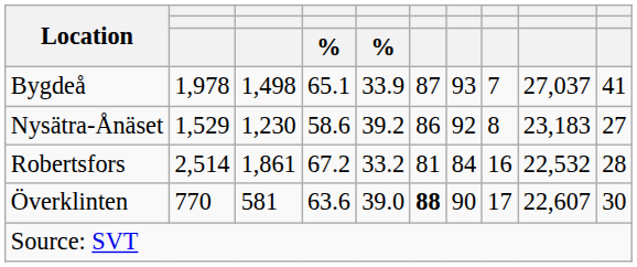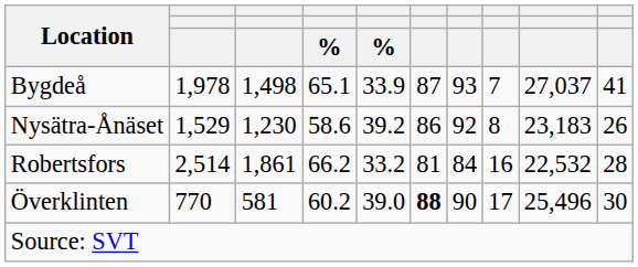 <table role="presentation" class="wikitable sortable mw-collapsible">
 <tr>
 <th rowspan="3">Location</th>
 <th></th>
 <th></th>
 <th></th>
 <th></th>
 <th></th>
 <th></th>
 <th></th>
 <th></th>
 <th></th>
 </tr>
 <tr>
 <th></th>
 <th></th>
 <th style="background:"></th>
 <th style="background:"></th>
 <th></th>
 <th></th>
 <th></th>
 <th></th>
 <th></th>
 </tr>
 <tr>
 <th data-sort-type="number"></th>
 <th data-sort-type="number"></th>
 <th data-sort-type="number">%</th>
 <th data-sort-type="number">%</th>
 <th data-sort-type="number"></th>
 <th data-sort-type="number"></th>
 <th data-sort-type="number"></th>
 <th data-sort-type="number"></th>
 <th data-sort-type="number"></th>
 </tr>
 <tr>
 <td align="left">Bygdeå</td>
 <td>1,978</td>
 <td>1,498</td>
 <td>65.1</td>
 <td>33.9</td>
 <td>87</td>
 <td>93</td>
 <td>7</td>
 <td>27,037</td>
 <td>41</td>
 </tr>
 <tr>
 <td align="left">Nysätra-Ånäset</td>
 <td>1,529</td>
 <td>1,230</td>
 <td>58.6</td>
 <td>39.2</td>
 <td>86</td>
 <td>92</td>
 <td>8</td>
 <td>23,183</td>
-<td>27</td>
+<td>26</td>
 </tr>
 <tr>
 <td align="left">Robertsfors</td>
 <td>2,514</td>
 <td>1,861</td>
-<td>67.2</td>
+<td>66.2</td>
 <td>33.2</td>
 <td>81</td>
 <td>84</td>
 <td>16</td>
 <td>22,532</td>
 <td>28</td>
 </tr>
 <tr>
 <td align="left">Överklinten</td>
 <td>770</td>
 <td>581</td>
-<td>63.6</td>
+<td>60.2</td>
 <td>39.0</td>
 <td><strong>88</strong></td>
 <td>90</td>
 <td>17</td>
-<td>22,607</td>
+<td>25,496</td>
 <td>30</td>
 </tr>
 <tr>
 <td colspan="10" align="left">Source: <a href='#'>SVT</a></td>
 </tr>
 </table>
